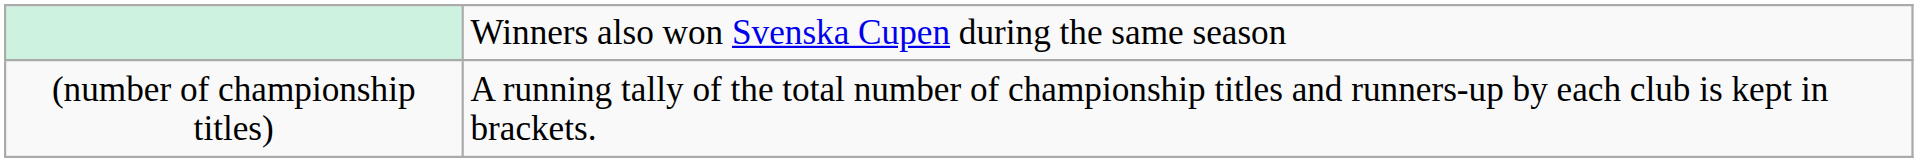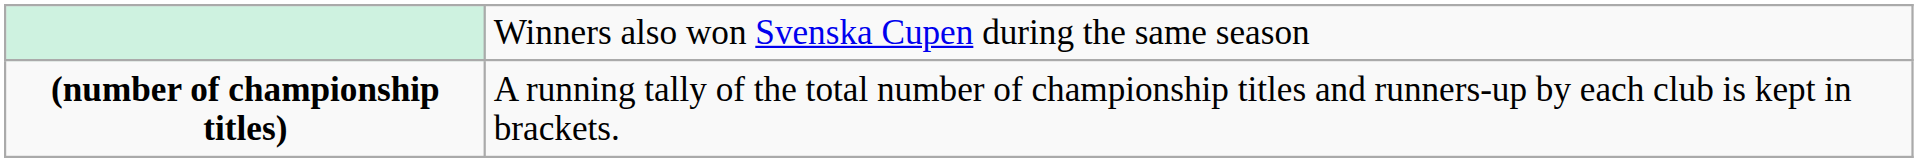 <table class="wikitable">
 <tr>
 <td bgcolor="#CEF2E0" align="center"><sup></sup></td>
 <td>Winners also won <a href='#'>Svenska Cupen</a> during the same season</td>
 </tr>
 <tr>
-<td align="center">(number of championship titles)</td>
+<td align="center"><strong>(number of championship titles)</strong></td>
 <td>A running tally of the total number of championship titles and runners-up by each club is kept in brackets.</td>
 </tr>
 </table>
